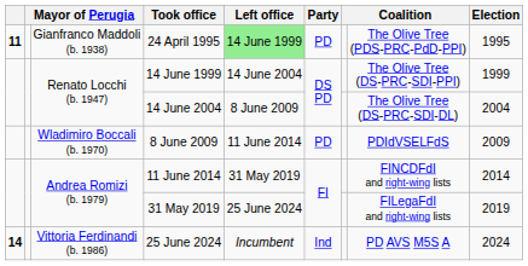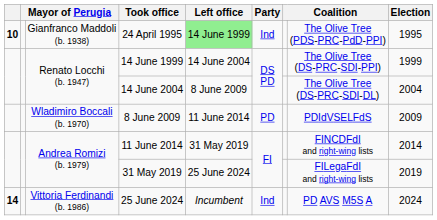 <table class="wikitable" style="text-align: center;">
 <tr>
 <th><br></th>
 <th colspan="2">Mayor of <a href='#'>Perugia</a></th>
 <th>Took office</th>
 <th>Left office</th>
 <th>Party</th>
 <th colspan="2">Coalition</th>
 <th>Election</th>
 </tr>
 <tr>
-<td rowspan="1" style="background: "><strong>11</strong></td>
+<td rowspan="1" style="background: "><strong>10</strong></td>
 <td rowspan="1"></td>
 <td rowspan="1">Gianfranco Maddoli<br><small>(b. 1938)</small></td>
 <td rowspan="1">24 April 1995</td>
 <td rowspan="1" style="background: lightgreen;">14 June 1999</td>
-<td rowspan="1"><a href='#'>PD</a></td>
+<td rowspan="1"><a href='#'>Ind</a></td>
 <td style="background: "></td>
 <td><a href='#'>The Olive Tree</a><br>(<a href='#'>PDS</a>-<a href='#'>PRC</a>-<a href='#'>PdD</a>-<a href='#'>PPI</a>)</td>
 <td>1995</td>
 </tr>
 <tr>
 <td rowspan="2" style="background: "><strong></strong></td>
 <td rowspan="2"></td>
 <td rowspan="2">Renato Locchi<br><small>(b. 1947)</small></td>
 <td>14 June 1999</td>
 <td>14 June 2004</td>
 <td rowspan="2"><a href='#'>DS</a><br><a href='#'>PD</a></td>
 <td style="background: "></td>
 <td><a href='#'>The Olive Tree</a><br>(<a href='#'>DS</a>-<a href='#'>PRC</a>-<a href='#'>SDI</a>-<a href='#'>PPI</a>)</td>
 <td>1999</td>
 </tr>
 <tr>
 <td>14 June 2004</td>
 <td>8 June 2009</td>
 <td style="background: "></td>
 <td><a href='#'>The Olive Tree</a><br>(<a href='#'>DS</a>-<a href='#'>PRC</a>-<a href='#'>SDI</a>-<a href='#'>DL</a>)</td>
 <td>2004</td>
 </tr>
 <tr>
 <td rowspan="1" style="background: "><strong></strong></td>
 <td rowspan="1"></td>
 <td rowspan="1"><a href='#'>Wladimiro Boccali</a><br><small>(b. 1970)</small></td>
 <td rowspan="1">8 June 2009</td>
 <td rowspan="1">11 June 2014</td>
 <td rowspan="1"><a href='#'>PD</a></td>
 <td style="background: "></td>
 <td><a href='#'>PD</a><a href='#'>IdV</a><a href='#'>SEL</a><a href='#'>FdS</a></td>
 <td>2009</td>
 </tr>
 <tr>
 <td rowspan="2" style="background: "><strong></strong></td>
 <td rowspan="2"></td>
 <td rowspan="2"><a href='#'>Andrea Romizi</a><br><small>(b. 1979)</small></td>
 <td>11 June 2014</td>
 <td>31 May 2019</td>
 <td rowspan="2"><a href='#'>FI</a></td>
 <td style="background: "></td>
 <td><a href='#'>FI</a><a href='#'>NCD</a><a href='#'>FdI</a><br><small>and <a href='#'>right-wing</a> lists</small></td>
 <td>2014</td>
 </tr>
 <tr>
 <td>31 May 2019</td>
 <td>25 June 2024</td>
 <td style="background: "></td>
 <td><a href='#'>FI</a><a href='#'>Lega</a><a href='#'>FdI</a><br><small>and <a href='#'>right-wing</a> lists</small></td>
 <td>2019</td>
 </tr>
 <tr>
 <td style="background: "><strong>14</strong></td>
 <td></td>
 <td><a href='#'>Vittoria Ferdinandi</a><br><small>(b. 1986)</small></td>
 <td>25 June 2024</td>
 <td><em>Incumbent</em></td>
 <td><a href='#'>Ind</a></td>
 <td style="background: "></td>
 <td><a href='#'>PD</a>  <a href='#'>AVS</a>  <a href='#'>M5S</a>  <a href='#'>A</a></td>
 <td>2024</td>
 </tr>
 </table>
